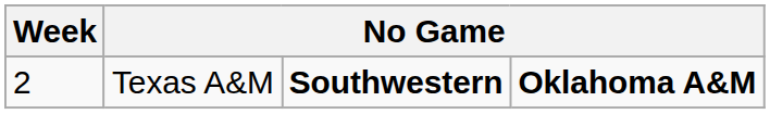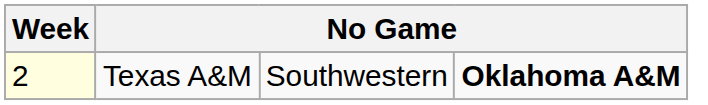 <table class="wikitable" style="font-size:95%">
 <tr>
 <th>Week</th>
 <th colspan="10">No Game</th>
 </tr>
 <tr>
-<td>2</td>
+<td style="background: lightyellow;">2</td>
 <td>Texas A&M</td>
-<td><strong>Southwestern</strong></td>
+<td>Southwestern</td>
 <td><strong>Oklahoma A&M</strong></td>
 </tr>
 </table>
